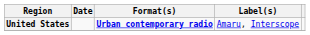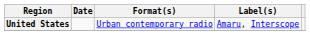 <table class="wikitable plainrowheaders" style="text-align:left">
 <tr>
 <th scope="col">Region</th>
 <th scope="col">Date</th>
 <th scope="col">Format(s)</th>
 <th scope="col">Label(s)</th>
 <th scope="col"></th>
 </tr>
 <tr>
 <th scope="row">United States</th>
 <td></td>
-<td><strong><a href='#'>Urban contemporary radio</a></strong></td>
+<td><a href='#'>Urban contemporary radio</a></td>
 <td><a href='#'>Amaru</a>, <a href='#'>Interscope</a></td>
 <td></td>
 </tr>
 <tr>
 </tr>
 </table>
